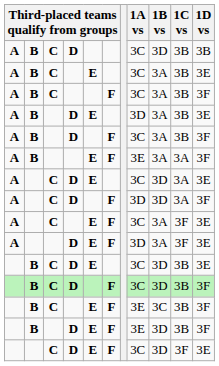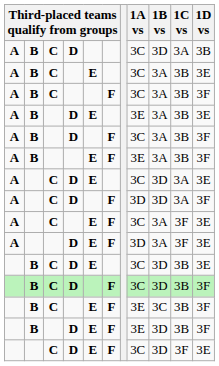 <table class="wikitable" style="text-align: center; font-size:85%">
 <tr>
 <th colspan="6">Third-placed teams<br>qualify from groups</th>
 <th rowspan="16"></th>
 <th>1A<br>vs</th>
 <th>1B<br>vs</th>
 <th>1C<br>vs</th>
 <th>1D<br>vs</th>
 </tr>
 <tr>
 <td><strong>A</strong></td>
 <td><strong>B</strong></td>
 <td><strong>C</strong></td>
 <td><strong>D</strong></td>
 <td></td>
 <td></td>
 <td>3C</td>
 <td>3D</td>
-<td>3B</td>
+<td>3A</td>
 <td>3B</td>
 </tr>
 <tr>
 <td><strong>A</strong></td>
 <td><strong>B</strong></td>
 <td><strong>C</strong></td>
 <td></td>
 <td><strong>E</strong></td>
 <td></td>
 <td>3C</td>
 <td>3A</td>
 <td>3B</td>
 <td>3E</td>
 </tr>
 <tr>
 <td><strong>A</strong></td>
 <td><strong>B</strong></td>
 <td><strong>C</strong></td>
 <td></td>
 <td></td>
 <td><strong>F</strong></td>
 <td>3C</td>
 <td>3A</td>
 <td>3B</td>
 <td>3F</td>
 </tr>
 <tr>
 <td><strong>A</strong></td>
 <td><strong>B</strong></td>
 <td></td>
 <td><strong>D</strong></td>
 <td><strong>E</strong></td>
 <td></td>
-<td>3D</td>
+<td>3E</td>
 <td>3A</td>
 <td>3B</td>
 <td>3E</td>
 </tr>
 <tr>
 <td><strong>A</strong></td>
 <td><strong>B</strong></td>
 <td></td>
 <td><strong>D</strong></td>
 <td></td>
 <td><strong>F</strong></td>
 <td>3C</td>
 <td>3A</td>
 <td>3B</td>
 <td>3F</td>
 </tr>
 <tr>
 <td><strong>A</strong></td>
 <td><strong>B</strong></td>
 <td></td>
 <td></td>
 <td><strong>E</strong></td>
 <td><strong>F</strong></td>
 <td>3E</td>
 <td>3A</td>
-<td>3A</td>
+<td>3B</td>
 <td>3F</td>
 </tr>
 <tr>
 <td><strong>A</strong></td>
 <td></td>
 <td><strong>C</strong></td>
 <td><strong>D</strong></td>
 <td><strong>E</strong></td>
 <td></td>
 <td>3C</td>
 <td>3D</td>
 <td>3A</td>
 <td>3E</td>
 </tr>
 <tr>
 <td><strong>A</strong></td>
 <td></td>
 <td><strong>C</strong></td>
 <td><strong>D</strong></td>
 <td></td>
 <td><strong>F</strong></td>
 <td>3D</td>
 <td>3D</td>
 <td>3A</td>
 <td>3F</td>
 </tr>
 <tr>
 <td><strong>A</strong></td>
 <td></td>
 <td><strong>C</strong></td>
 <td></td>
 <td><strong>E</strong></td>
 <td><strong>F</strong></td>
 <td>3C</td>
 <td>3A</td>
 <td>3F</td>
 <td>3E</td>
 </tr>
 <tr>
 <td><strong>A</strong></td>
 <td></td>
 <td></td>
 <td><strong>D</strong></td>
 <td><strong>E</strong></td>
 <td><strong>F</strong></td>
 <td>3D</td>
 <td>3A</td>
 <td>3F</td>
 <td>3E</td>
 </tr>
 <tr>
 <td></td>
 <td><strong>B</strong></td>
 <td><strong>C</strong></td>
 <td><strong>D</strong></td>
 <td><strong>E</strong></td>
 <td></td>
 <td>3C</td>
 <td>3D</td>
 <td>3B</td>
 <td>3E</td>
 </tr>
 <tr style="background:#BBF3BB">
 <td></td>
 <td><strong>B</strong></td>
 <td><strong>C</strong></td>
 <td><strong>D</strong></td>
 <td></td>
 <td><strong>F</strong></td>
 <td>3C</td>
 <td>3D</td>
 <td>3B</td>
 <td>3F</td>
 </tr>
 <tr>
 <td></td>
 <td><strong>B</strong></td>
 <td><strong>C</strong></td>
 <td></td>
 <td><strong>E</strong></td>
 <td><strong>F</strong></td>
 <td>3E</td>
 <td>3C</td>
 <td>3B</td>
 <td>3F</td>
 </tr>
 <tr>
 <td></td>
 <td><strong>B</strong></td>
 <td></td>
 <td><strong>D</strong></td>
 <td><strong>E</strong></td>
 <td><strong>F</strong></td>
 <td>3E</td>
 <td>3D</td>
 <td>3B</td>
 <td>3F</td>
 </tr>
 <tr>
 <td></td>
 <td></td>
 <td><strong>C</strong></td>
 <td><strong>D</strong></td>
 <td><strong>E</strong></td>
 <td><strong>F</strong></td>
 <td>3C</td>
 <td>3D</td>
 <td>3F</td>
 <td>3E</td>
 </tr>
 </table>
